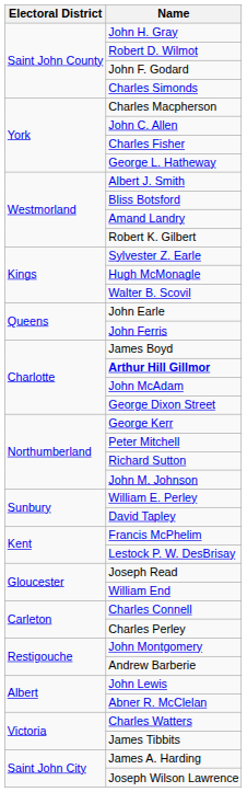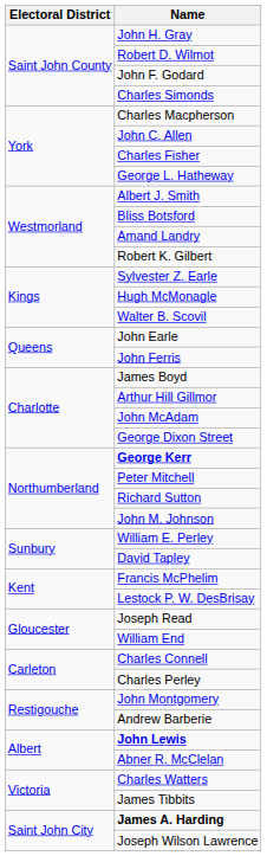 <table class="wikitable">
 <tr>
 <th>Electoral District</th>
 <th>Name</th>
 </tr>
 <tr>
 <td rowspan="4"><a href='#'>Saint John County</a></td>
 <td><a href='#'>John H. Gray</a></td>
 </tr>
 <tr>
 <td><a href='#'>Robert D. Wilmot</a></td>
 </tr>
 <tr>
 <td>John F. Godard</td>
 </tr>
 <tr>
 <td><a href='#'>Charles Simonds</a></td>
 </tr>
 <tr>
 <td rowspan="4"><a href='#'>York</a></td>
 <td>Charles Macpherson</td>
 </tr>
 <tr>
 <td><a href='#'>John C. Allen</a></td>
 </tr>
 <tr>
 <td><a href='#'>Charles Fisher</a></td>
 </tr>
 <tr>
 <td><a href='#'>George L. Hatheway</a></td>
 </tr>
 <tr>
 <td rowspan="4"><a href='#'>Westmorland</a></td>
 <td><a href='#'>Albert J. Smith</a></td>
 </tr>
 <tr>
 <td><a href='#'>Bliss Botsford</a></td>
 </tr>
 <tr>
 <td><a href='#'>Amand Landry</a></td>
 </tr>
 <tr>
 <td>Robert K. Gilbert</td>
 </tr>
 <tr>
 <td rowspan="3"><a href='#'>Kings</a></td>
 <td><a href='#'>Sylvester Z. Earle</a></td>
 </tr>
 <tr>
 <td><a href='#'>Hugh McMonagle</a></td>
 </tr>
 <tr>
 <td><a href='#'>Walter B. Scovil</a></td>
 </tr>
 <tr>
 <td rowspan="2"><a href='#'>Queens</a></td>
 <td>John Earle</td>
 </tr>
 <tr>
 <td><a href='#'>John Ferris</a></td>
 </tr>
 <tr>
 <td rowspan="4"><a href='#'>Charlotte</a></td>
 <td>James Boyd</td>
 </tr>
 <tr>
-<td><strong><a href='#'>Arthur Hill Gillmor</a></strong></td>
+<td><a href='#'>Arthur Hill Gillmor</a></td>
 </tr>
 <tr>
 <td><a href='#'>John McAdam</a></td>
 </tr>
 <tr>
 <td><a href='#'>George Dixon Street</a></td>
 </tr>
 <tr>
 <td rowspan="4"><a href='#'>Northumberland</a></td>
-<td><a href='#'>George Kerr</a></td>
+<td><strong><a href='#'>George Kerr</a></strong></td>
 </tr>
 <tr>
 <td><a href='#'>Peter Mitchell</a></td>
 </tr>
 <tr>
 <td><a href='#'>Richard Sutton</a></td>
 </tr>
 <tr>
 <td><a href='#'>John M. Johnson</a></td>
 </tr>
 <tr>
 <td rowspan="2"><a href='#'>Sunbury</a></td>
 <td><a href='#'>William E. Perley</a></td>
 </tr>
 <tr>
 <td><a href='#'>David Tapley</a></td>
 </tr>
 <tr>
 <td rowspan="2"><a href='#'>Kent</a></td>
 <td><a href='#'>Francis McPhelim</a></td>
 </tr>
 <tr>
 <td><a href='#'>Lestock P. W. DesBrisay</a></td>
 </tr>
 <tr>
 <td rowspan="2"><a href='#'>Gloucester</a></td>
 <td>Joseph Read</td>
 </tr>
 <tr>
 <td><a href='#'>William End</a></td>
 </tr>
 <tr>
 <td rowspan="2"><a href='#'>Carleton</a></td>
 <td><a href='#'>Charles Connell</a></td>
 </tr>
 <tr>
 <td>Charles Perley</td>
 </tr>
 <tr>
 <td rowspan="2"><a href='#'>Restigouche</a></td>
 <td><a href='#'>John Montgomery</a></td>
 </tr>
 <tr>
 <td>Andrew Barberie</td>
 </tr>
 <tr>
 <td rowspan="2"><a href='#'>Albert</a></td>
-<td><a href='#'>John Lewis</a></td>
+<td><strong><a href='#'>John Lewis</a></strong></td>
 </tr>
 <tr>
 <td><a href='#'>Abner R. McClelan</a></td>
 </tr>
 <tr>
 <td rowspan="2"><a href='#'>Victoria</a></td>
 <td><a href='#'>Charles Watters</a></td>
 </tr>
 <tr>
 <td>James Tibbits</td>
 </tr>
 <tr>
 <td rowspan="2"><a href='#'>Saint John City</a></td>
-<td>James A. Harding</td>
+<td><strong>James A. Harding</strong></td>
 </tr>
 <tr>
 <td>Joseph Wilson Lawrence</td>
 </tr>
 </table>
